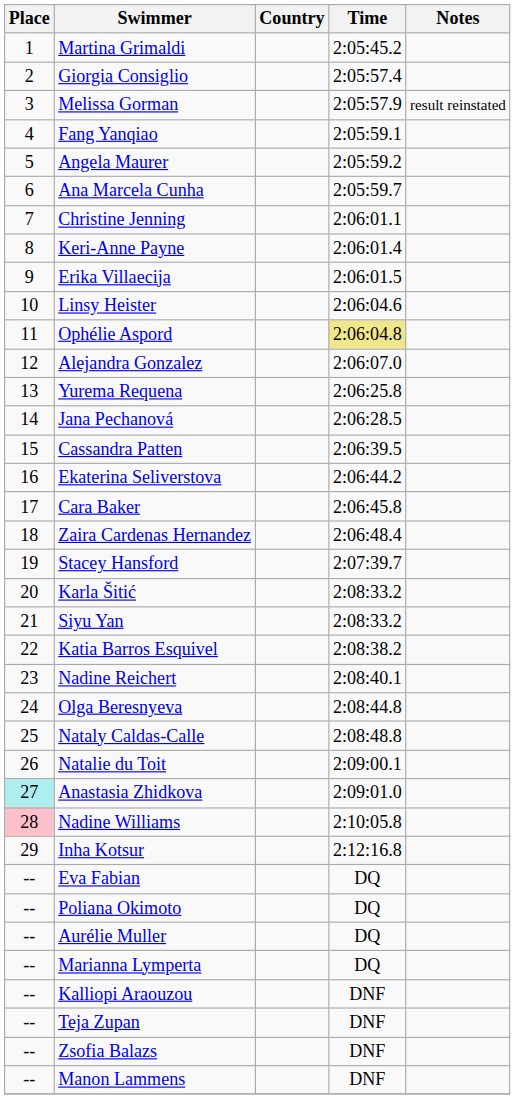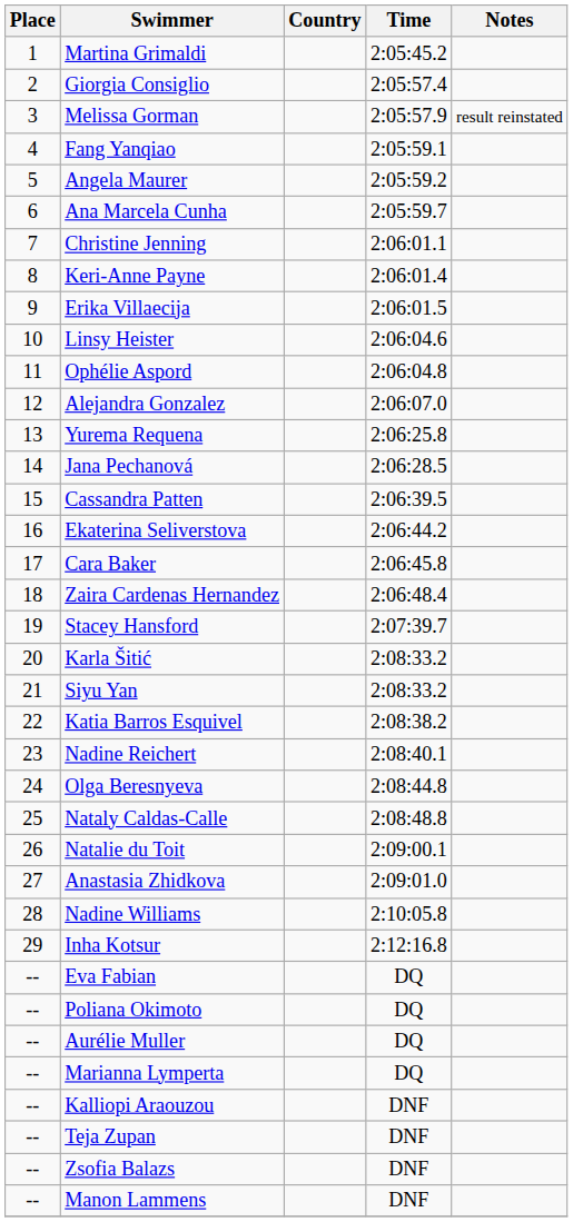 <table class="wikitable sortable" style="text-align:center">
 <tr>
 <th>Place</th>
 <th>Swimmer</th>
 <th>Country</th>
 <th>Time</th>
 <th>Notes</th>
 </tr>
 <tr>
 <td>1</td>
 <td align=left><a href='#'>Martina Grimaldi</a></td>
 <td align=left></td>
 <td>2:05:45.2</td>
 <td></td>
 </tr>
 <tr>
 <td>2</td>
 <td align=left><a href='#'>Giorgia Consiglio</a></td>
 <td align=left></td>
 <td>2:05:57.4</td>
 <td></td>
 </tr>
 <tr>
 <td>3</td>
 <td align=left><a href='#'>Melissa Gorman</a></td>
 <td align=left></td>
 <td>2:05:57.9</td>
 <td><small>result reinstated</small></td>
 </tr>
 <tr>
 <td>4</td>
 <td align=left><a href='#'>Fang Yanqiao</a></td>
 <td align=left></td>
 <td>2:05:59.1</td>
 <td></td>
 </tr>
 <tr>
 <td>5</td>
 <td align=left><a href='#'>Angela Maurer</a></td>
 <td align=left></td>
 <td>2:05:59.2</td>
 <td></td>
 </tr>
 <tr>
 <td>6</td>
 <td align=left><a href='#'>Ana Marcela Cunha</a></td>
 <td align=left></td>
 <td>2:05:59.7</td>
 <td></td>
 </tr>
 <tr>
 <td>7</td>
 <td align=left><a href='#'>Christine Jenning</a></td>
 <td align=left></td>
 <td>2:06:01.1</td>
 <td></td>
 </tr>
 <tr>
 <td>8</td>
 <td align=left><a href='#'>Keri-Anne Payne</a></td>
 <td align=left></td>
 <td>2:06:01.4</td>
 <td></td>
 </tr>
 <tr>
 <td>9</td>
 <td align=left><a href='#'>Erika Villaecija</a></td>
 <td align=left></td>
 <td>2:06:01.5</td>
 <td></td>
 </tr>
 <tr>
 <td>10</td>
 <td align=left><a href='#'>Linsy Heister</a></td>
 <td align=left></td>
 <td>2:06:04.6</td>
 <td></td>
 </tr>
 <tr>
 <td>11</td>
 <td align=left><a href='#'>Ophélie Aspord</a></td>
 <td align=left></td>
-<td style="background: khaki;">2:06:04.8</td>
+<td>2:06:04.8</td>
 <td></td>
 </tr>
 <tr>
 <td>12</td>
 <td align=left><a href='#'>Alejandra Gonzalez</a></td>
 <td align=left></td>
 <td>2:06:07.0</td>
 <td></td>
 </tr>
 <tr>
 <td>13</td>
 <td align=left><a href='#'>Yurema Requena</a></td>
 <td align=left></td>
 <td>2:06:25.8</td>
 <td></td>
 </tr>
 <tr>
 <td>14</td>
 <td align=left><a href='#'>Jana Pechanová</a></td>
 <td align=left></td>
 <td>2:06:28.5</td>
 <td></td>
 </tr>
 <tr>
 <td>15</td>
 <td align=left><a href='#'>Cassandra Patten</a></td>
 <td align=left></td>
 <td>2:06:39.5</td>
 <td></td>
 </tr>
 <tr>
 <td>16</td>
 <td align=left><a href='#'>Ekaterina Seliverstova</a></td>
 <td align=left></td>
 <td>2:06:44.2</td>
 <td></td>
 </tr>
 <tr>
 <td>17</td>
 <td align=left><a href='#'>Cara Baker</a></td>
 <td align=left></td>
 <td>2:06:45.8</td>
 <td></td>
 </tr>
 <tr>
 <td>18</td>
 <td align=left><a href='#'>Zaira Cardenas Hernandez</a></td>
 <td align=left></td>
 <td>2:06:48.4</td>
 <td></td>
 </tr>
 <tr>
 <td>19</td>
 <td align=left><a href='#'>Stacey Hansford</a></td>
 <td align=left></td>
 <td>2:07:39.7</td>
 <td></td>
 </tr>
 <tr>
 <td>20</td>
 <td align=left><a href='#'>Karla Šitić</a></td>
 <td align=left></td>
 <td>2:08:33.2</td>
 <td></td>
 </tr>
 <tr>
 <td>21</td>
 <td align=left><a href='#'>Siyu Yan</a></td>
 <td align=left></td>
 <td>2:08:33.2</td>
 <td></td>
 </tr>
 <tr>
 <td>22</td>
 <td align=left><a href='#'>Katia Barros Esquivel</a></td>
 <td align=left></td>
 <td>2:08:38.2</td>
 <td></td>
 </tr>
 <tr>
 <td>23</td>
 <td align=left><a href='#'>Nadine Reichert</a></td>
 <td align=left></td>
 <td>2:08:40.1</td>
 <td></td>
 </tr>
 <tr>
 <td>24</td>
 <td align=left><a href='#'>Olga Beresnyeva</a></td>
 <td align=left></td>
 <td>2:08:44.8</td>
 <td></td>
 </tr>
 <tr>
 <td>25</td>
 <td align=left><a href='#'>Nataly Caldas-Calle</a></td>
 <td align=left></td>
 <td>2:08:48.8</td>
 <td></td>
 </tr>
 <tr>
 <td>26</td>
 <td align=left><a href='#'>Natalie du Toit</a></td>
 <td align=left></td>
 <td>2:09:00.1</td>
 <td></td>
 </tr>
 <tr>
-<td style="background: paleturquoise;">27</td>
+<td>27</td>
 <td align=left><a href='#'>Anastasia Zhidkova</a></td>
 <td align=left></td>
 <td>2:09:01.0</td>
 <td></td>
 </tr>
 <tr>
-<td style="background: pink;">28</td>
+<td>28</td>
 <td align=left><a href='#'>Nadine Williams</a></td>
 <td align=left></td>
 <td>2:10:05.8</td>
 <td></td>
 </tr>
 <tr>
 <td>29</td>
 <td align=left><a href='#'>Inha Kotsur</a></td>
 <td align=left></td>
 <td>2:12:16.8</td>
 <td></td>
 </tr>
 <tr>
 <td>--</td>
 <td align=left><a href='#'>Eva Fabian</a></td>
 <td align=left></td>
 <td>DQ</td>
 <td></td>
 </tr>
 <tr>
 <td>--</td>
 <td align=left><a href='#'>Poliana Okimoto</a></td>
 <td align=left></td>
 <td>DQ</td>
 <td></td>
 </tr>
 <tr>
 <td>--</td>
 <td align=left><a href='#'>Aurélie Muller</a></td>
 <td align=left></td>
 <td>DQ</td>
 <td></td>
 </tr>
 <tr>
 <td>--</td>
 <td align=left><a href='#'>Marianna Lymperta</a></td>
 <td align=left></td>
 <td>DQ</td>
 <td></td>
 </tr>
 <tr>
 <td>--</td>
 <td align=left><a href='#'>Kalliopi Araouzou</a></td>
 <td align=left></td>
 <td>DNF</td>
 <td></td>
 </tr>
 <tr>
 <td>--</td>
 <td align=left><a href='#'>Teja Zupan</a></td>
 <td align=left></td>
 <td>DNF</td>
 <td></td>
 </tr>
 <tr>
 <td>--</td>
 <td align=left><a href='#'>Zsofia Balazs</a></td>
 <td align=left></td>
 <td>DNF</td>
 <td></td>
 </tr>
 <tr>
 <td>--</td>
 <td align=left><a href='#'>Manon Lammens</a></td>
 <td align=left></td>
 <td>DNF</td>
 <td></td>
 </tr>
 <tr>
 </tr>
 </table>
